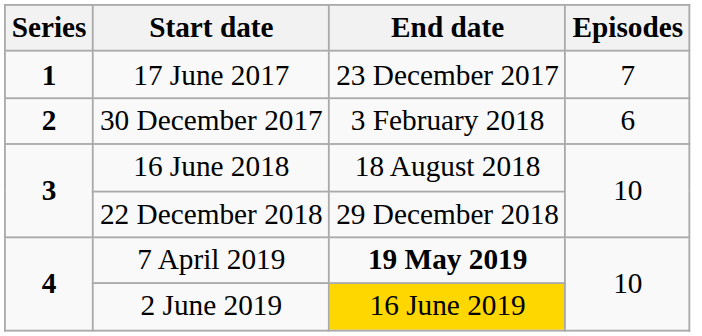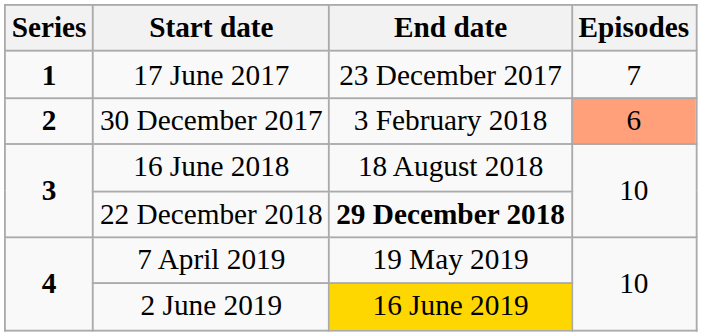 <table class="wikitable" style="text-align:center;">
 <tr>
 <th>Series</th>
 <th>Start date</th>
 <th>End date</th>
 <th>Episodes</th>
 </tr>
 <tr>
 <td><strong>1</strong></td>
 <td>17 June 2017</td>
 <td>23 December 2017</td>
 <td>7</td>
 </tr>
 <tr>
 <td><strong>2</strong></td>
 <td>30 December 2017</td>
 <td>3 February 2018</td>
-<td>6</td>
+<td style="background: lightsalmon;">6</td>
 </tr>
 <tr>
 <td rowspan="2"><strong>3</strong></td>
 <td>16 June 2018</td>
 <td>18 August 2018</td>
 <td rowspan="2">10</td>
 </tr>
 <tr>
 <td>22 December 2018</td>
-<td>29 December 2018</td>
+<td><strong>29 December 2018</strong></td>
 </tr>
 <tr>
 <td rowspan="2"><strong>4</strong></td>
 <td>7 April 2019</td>
-<td><strong>19 May 2019</strong></td>
+<td>19 May 2019</td>
 <td rowspan="2">10</td>
 </tr>
 <tr>
 <td>2 June 2019</td>
 <td style="background: gold;">16 June 2019</td>
 </tr>
 </table>
